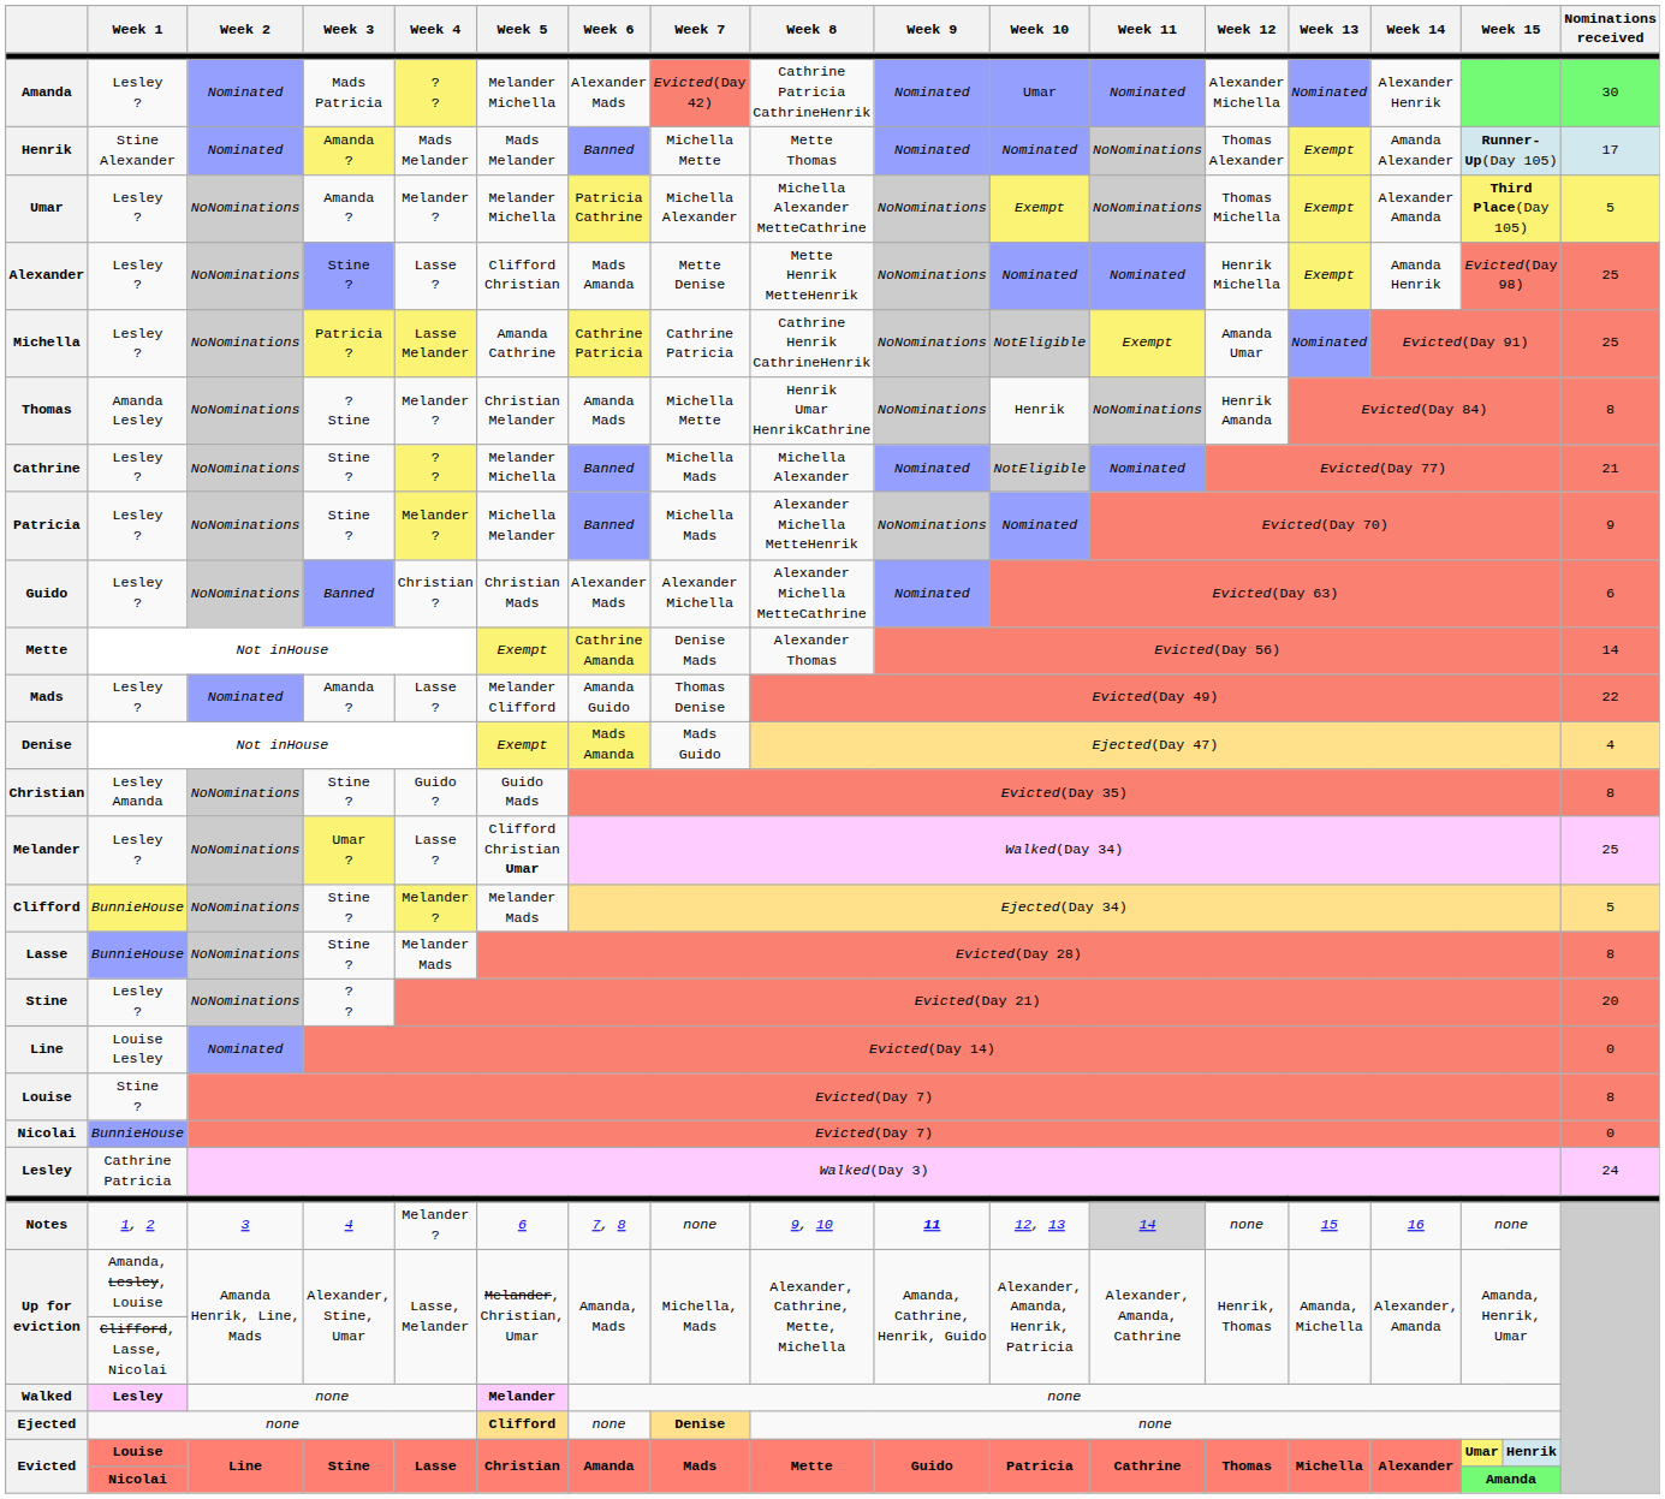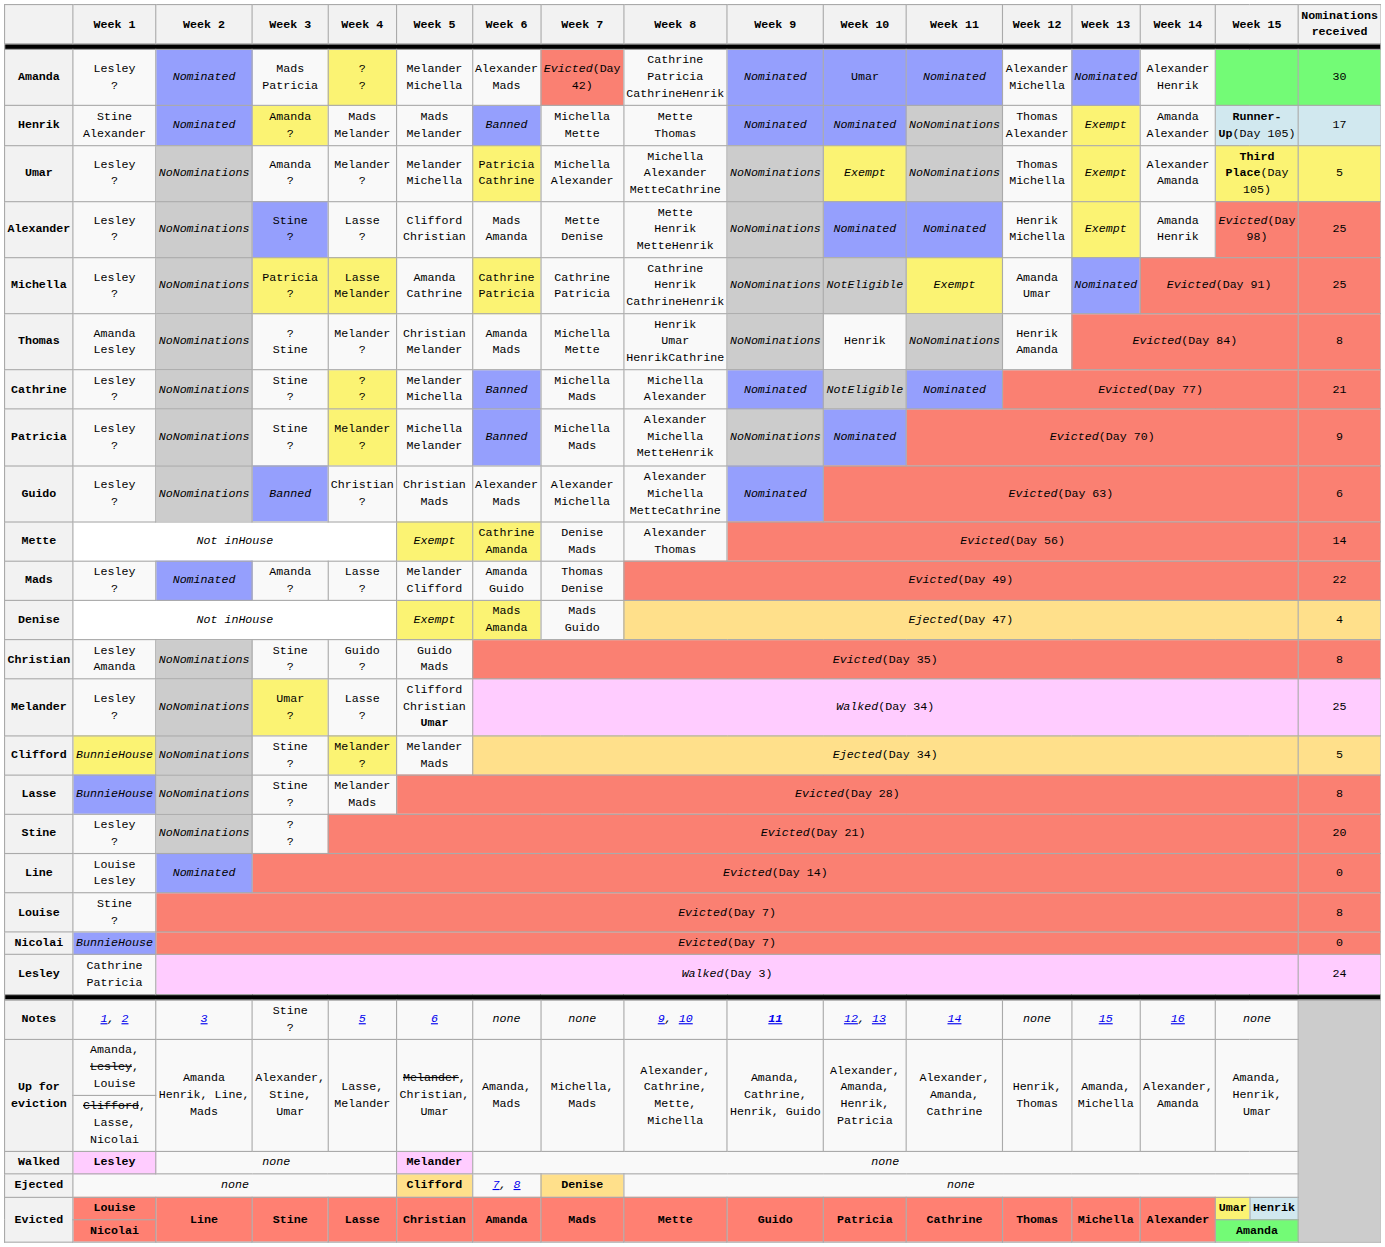 <table class="wikitable" style="text-align:center; width:100%; font-size:80%; line-height:15px;">
 <tr>
 <th style="width: 5%;"></th>
 <th style="width: 5%;">Week 1</th>
 <th style="width: 5%;">Week 2</th>
 <th style="width: 5%;">Week 3</th>
 <th style="width: 5%;">Week 4</th>
 <th style="width: 5%;">Week 5</th>
 <th style="width: 5%;">Week 6</th>
 <th style="width: 5%;">Week 7</th>
 <th style="width: 5%;">Week 8</th>
 <th style="width: 5%;">Week 9</th>
 <th style="width: 5%;">Week 10</th>
 <th style="width: 5%;">Week 11</th>
 <th style="width: 5%;">Week 12</th>
 <th style="width: 5%;">Week 13</th>
 <th style="width: 5%;">Week 14</th>
 <th colspan="2" style="width:10%;">Week 15</th>
 <th style="width: 5%;">Nominations<br>received</th>
 </tr>
 <tr>
 <td colspan="18" bgcolor="black"></td>
 </tr>
 <tr>
 <th>Amanda</th>
 <td>Lesley<br>? </td>
 <td style="background:#959ffd"><em>Nominated</em></td>
 <td>Mads<br>Patricia</td>
 <td style="background:#FBF373">?<br>?</td>
 <td>Melander<br>Michella</td>
 <td>Alexander<br>Mads</td>
 <td style="background:#FA8072"><em>Evicted</em>(Day 42)</td>
 <td>Cathrine<br>Patricia <span>Cathrine</span><span>Henrik</span></td>
 <td style="background:#959ffd"><em>Nominated</em></td>
 <td style="background:#959ffd">Umar<br></td>
 <td style="background:#959ffd"><em>Nominated</em></td>
 <td>Alexander<br>Michella</td>
 <td style="background:#959ffd"><em>Nominated</em></td>
 <td>Alexander<br>Henrik</td>
 <td colspan="2" style="background:#73FB76"></td>
 <td style="background:#73FB76">30</td>
 </tr>
 <tr>
 <th>Henrik</th>
 <td>Stine<br>Alexander </td>
 <td style="background:#959ffd"><em>Nominated</em></td>
 <td style="background:#FBF373">Amanda<br>?</td>
 <td>Mads<br>Melander</td>
 <td>Mads<br>Melander</td>
 <td style="background:#959ffd"><em>Banned</em></td>
 <td>Michella<br>Mette</td>
 <td>Mette<br>Thomas</td>
 <td style="background:#959ffd"><em>Nominated</em></td>
 <td style="background:#959ffd"><em>Nominated</em></td>
 <td style="background:#CCCCCC"><em>NoNominations</em></td>
 <td>Thomas<br>Alexander</td>
 <td style="background:#FBF373"><em>Exempt</em></td>
 <td>Amanda<br>Alexander</td>
 <td colspan="2" style="background:#D1E8EF"><strong>Runner-Up</strong>(Day 105)</td>
 <td style="background:#D1E8EF">17</td>
 </tr>
 <tr>
 <th>Umar</th>
 <td>Lesley<br>? </td>
 <td style="background:#CCCCCC"><em>NoNominations</em></td>
 <td>Amanda<br>?</td>
 <td>Melander<br>?</td>
 <td>Melander<br>Michella</td>
 <td style="background:#FBF373">Patricia<br>Cathrine</td>
 <td>Michella<br>Alexander</td>
 <td>Michella<br>Alexander <span>Mette</span><span>Cathrine</span></td>
 <td style="background:#CCCCCC"><em>NoNominations</em></td>
 <td style="background:#FBF373"><em>Exempt</em></td>
 <td style="background:#CCCCCC"><em>NoNominations</em></td>
 <td>Thomas<br>Michella</td>
 <td style="background:#FBF373"><em>Exempt</em></td>
 <td>Alexander<br>Amanda</td>
 <td colspan="2" style="background:#FBF373"><strong>Third Place</strong>(Day 105)</td>
 <td style="background:#FBF373">5</td>
 </tr>
 <tr>
 <th>Alexander</th>
 <td>Lesley<br>? </td>
 <td style="background:#CCCCCC"><em>NoNominations</em></td>
 <td style="background:#959ffd">Stine<br>?</td>
 <td>Lasse<br>?</td>
 <td>Clifford<br>Christian</td>
 <td>Mads<br>Amanda</td>
 <td>Mette<br>Denise</td>
 <td>Mette<br>Henrik <span>Mette</span><span>Henrik</span></td>
 <td style="background:#CCCCCC"><em>NoNominations</em></td>
 <td style="background:#959ffd"><em>Nominated</em></td>
 <td style="background:#959ffd"><em>Nominated</em></td>
 <td>Henrik<br>Michella</td>
 <td style="background:#FBF373"><em>Exempt</em></td>
 <td>Amanda<br>Henrik</td>
 <td colspan="2" style="background:#FA8072"><em>Evicted</em>(Day 98)</td>
 <td style="background:#FA8072">25</td>
 </tr>
 <tr>
 <th>Michella</th>
 <td>Lesley<br>? </td>
 <td style="background:#CCCCCC"><em>NoNominations</em></td>
 <td style="background:#FBF373">Patricia<br>?</td>
 <td style="background:#FBF373">Lasse<br>Melander</td>
 <td>Amanda<br>Cathrine</td>
 <td style="background:#FBF373">Cathrine<br>Patricia</td>
 <td>Cathrine<br>Patricia</td>
 <td>Cathrine<br>Henrik <span>Cathrine</span><span>Henrik</span></td>
 <td style="background:#CCCCCC"><em>NoNominations</em></td>
 <td style="background:#CCCCCC"><em>NotEligible</em></td>
 <td style="background:#FBF373"><em>Exempt</em></td>
 <td>Amanda<br>Umar</td>
 <td style="background:#959ffd"><em>Nominated</em></td>
 <td colspan="3" style="background:#FA8072"><em>Evicted</em>(Day 91)</td>
 <td style="background:#FA8072">25</td>
 </tr>
 <tr>
 <th>Thomas</th>
 <td>Amanda<br>Lesley </td>
 <td style="background:#CCCCCC"><em>NoNominations</em></td>
 <td>?<br>Stine</td>
 <td>Melander<br>?</td>
 <td>Christian<br>Melander</td>
 <td>Amanda<br>Mads</td>
 <td>Michella<br>Mette</td>
 <td>Henrik<br>Umar <span>Henrik</span><span>Cathrine</span></td>
 <td style="background:#CCCCCC"><em>NoNominations</em></td>
 <td>Henrik</td>
 <td style="background:#CCCCCC"><em>NoNominations</em></td>
 <td>Henrik<br>Amanda</td>
 <td colspan="4" style="background:#FA8072"><em>Evicted</em>(Day 84)</td>
 <td style="background:#FA8072">8</td>
 </tr>
 <tr>
 <th>Cathrine</th>
 <td>Lesley<br>? </td>
 <td style="background:#CCCCCC"><em>NoNominations</em></td>
 <td>Stine<br>?</td>
 <td style="background:#FBF373">?<br>?</td>
 <td>Melander<br>Michella</td>
 <td style="background:#959ffd"><em>Banned</em></td>
 <td>Michella<br>Mads</td>
 <td>Michella<br>Alexander</td>
 <td style="background:#959ffd"><em>Nominated</em></td>
 <td style="background:#CCCCCC"><em>NotEligible</em></td>
 <td style="background:#959ffd"><em>Nominated</em></td>
 <td colspan="5" style="background:#FA8072"><em>Evicted</em>(Day 77)</td>
 <td style="background:#FA8072">21</td>
 </tr>
 <tr>
 <th>Patricia</th>
 <td>Lesley<br>? </td>
 <td style="background:#CCCCCC"><em>NoNominations</em></td>
 <td>Stine<br>?</td>
 <td style="background:#FBF373">Melander<br>?</td>
 <td>Michella<br>Melander</td>
 <td style="background:#959ffd"><em>Banned</em></td>
 <td>Michella<br>Mads</td>
 <td>Alexander<br>Michella <span>Mette</span><span>Henrik</span></td>
 <td style="background:#CCCCCC"><em>NoNominations</em></td>
 <td style="background:#959ffd"><em>Nominated</em></td>
 <td colspan="6" style="background:#FA8072 "><em>Evicted</em>(Day 70)</td>
 <td style="background:#FA8072">9</td>
 </tr>
 <tr>
 <th>Guido</th>
 <td>Lesley<br>? </td>
 <td style="background:#CCCCCC"><em>NoNominations</em></td>
 <td style="background:#959ffd"><em>Banned</em></td>
 <td>Christian<br>?</td>
 <td>Christian<br>Mads</td>
 <td>Alexander<br>Mads</td>
 <td>Alexander<br>Michella</td>
 <td>Alexander<br>Michella <span>Mette</span><span>Cathrine</span></td>
 <td style="background:#959ffd"><em>Nominated</em></td>
 <td colspan="7" style="background:#FA8072"><em>Evicted</em>(Day 63)</td>
 <td style="background:#FA8072">6</td>
 </tr>
 <tr>
 <th>Mette</th>
 <td colspan="4" style="background:#FFFFFF"><em>Not inHouse</em></td>
 <td style="background:#FBF373"><em>Exempt</em></td>
 <td style="background:#FBF373">Cathrine<br>Amanda</td>
 <td>Denise<br>Mads</td>
 <td>Alexander<br>Thomas</td>
 <td colspan="8" style="background-color: #FA8072;"><em>Evicted</em>(Day 56)</td>
 <td style="background-color: #FA8072;">14</td>
 </tr>
 <tr>
 <th>Mads</th>
 <td>Lesley<br>? </td>
 <td style="background:#959ffd"><em>Nominated</em></td>
 <td>Amanda<br>?</td>
 <td>Lasse<br>?</td>
 <td>Melander<br>Clifford</td>
 <td>Amanda<br>Guido</td>
 <td>Thomas<br>Denise</td>
 <td colspan="9" style="background:#FA8072"><em>Evicted</em>(Day 49)</td>
 <td style="background:#FA8072">22</td>
 </tr>
 <tr>
 <th>Denise</th>
 <td colspan="4" style="background:#FFFFFF"><em>Not inHouse</em></td>
 <td style="background:#FBF373"><em>Exempt</em></td>
 <td style="background:#FBF373">Mads<br>Amanda</td>
 <td>Mads<br>Guido</td>
 <td colspan="9" style="background:#FFE08B"><em>Ejected</em>(Day 47)</td>
 <td style="background:#FFE08B">4</td>
 </tr>
 <tr>
 <th>Christian</th>
 <td>Lesley<br>Amanda </td>
 <td style="background:#CCCCCC"><em>NoNominations</em></td>
 <td>Stine<br>?</td>
 <td>Guido<br>?</td>
 <td>Guido<br>Mads</td>
 <td colspan="11" style="background:#FA8072"><em>Evicted</em>(Day 35)</td>
 <td style="background:#FA8072">8</td>
 </tr>
 <tr>
 <th>Melander</th>
 <td>Lesley<br>? </td>
 <td style="background:#CCCCCC"><em>NoNominations</em></td>
 <td style="background:#FBF373">Umar<br>?</td>
 <td>Lasse<br>?</td>
 <td>Clifford<br>Christian <strong>Umar</strong></td>
 <td colspan="11" style="background:#FFCCFF"><em>Walked</em>(Day 34)</td>
 <td style="background:#FFCCFF">25</td>
 </tr>
 <tr>
 <th>Clifford</th>
 <td style="background:#FBF373"><em>BunnieHouse</em></td>
 <td style="background:#CCCCCC"><em>NoNominations</em></td>
 <td>Stine<br>?</td>
 <td style="background:#FBF373">Melander<br>?</td>
 <td>Melander<br>Mads</td>
 <td colspan="11" style="background:#FFE08B"><em>Ejected</em>(Day 34)</td>
 <td style="background:#FFE08B">5</td>
 </tr>
 <tr>
 <th>Lasse</th>
 <td style="background:#959ffd"><em>BunnieHouse</em></td>
 <td style="background:#CCCCCC"><em>NoNominations</em></td>
 <td>Stine<br>?</td>
 <td>Melander<br>Mads</td>
 <td colspan="12" style="background:#FA8072"><em>Evicted</em>(Day 28)</td>
 <td style="background:#FA8072">8</td>
 </tr>
 <tr>
 <th>Stine</th>
 <td>Lesley<br>? </td>
 <td style="background:#CCCCCC"><em>NoNominations</em></td>
 <td>?<br>?</td>
 <td colspan="13" style="background:#FA8072"><em>Evicted</em>(Day 21)</td>
 <td style="background:#FA8072">20</td>
 </tr>
 <tr>
 <th>Line</th>
 <td>Louise<br>Lesley </td>
 <td style="background:#959ffd"><em>Nominated</em></td>
 <td colspan="14" style="background:#FA8072"><em>Evicted</em>(Day 14)</td>
 <td style="background:#FA8072">0</td>
 </tr>
 <tr>
 <th>Louise</th>
 <td>Stine<br>? </td>
 <td colspan="15" style="background:#FA8072"><em>Evicted</em>(Day 7)</td>
 <td style="background:#FA8072">8</td>
 </tr>
 <tr>
 <th>Nicolai</th>
 <td style="background:#959ffd"><em>BunnieHouse</em></td>
 <td colspan="15" style="background:#FA8072"><em>Evicted</em>(Day 7)</td>
 <td style="background:#FA8072">0</td>
 </tr>
 <tr>
 <th>Lesley</th>
 <td>Cathrine<br>Patricia</td>
 <td colspan="15" style="background:#FFCCFF"><em>Walked</em>(Day 3)</td>
 <td style="background:#FFCCFF">24</td>
 </tr>
 <tr>
 <th colspan="18" style="background-color: black;"></th>
 </tr>
 <tr>
 <th>Notes</th>
 <td><em><a href='#'>1</a>, <a href='#'>2</a></em></td>
 <td><em><a href='#'>3</a></em></td>
-<td><em><a href='#'>4</a></em></td>
-<td>Melander<br>?</td>
+<td>Stine<br>?</td>
+<td><em><a href='#'>5</a></em></td>
 <td><em><a href='#'>6</a></em></td>
-<td><em><a href='#'>7</a>, <a href='#'>8</a></em></td>
+<td><em>none</em></td>
 <td><em>none</em></td>
 <td><em><a href='#'>9</a>, <a href='#'>10</a></em></td>
 <td><strong><em><a href='#'>11</a></em></strong></td>
 <td><em><a href='#'>12</a>, <a href='#'>13</a></em></td>
-<td style="background: lightgrey;"><em><a href='#'>14</a></em></td>
+<td><em><a href='#'>14</a></em></td>
 <td><em>none</em></td>
 <td><em><a href='#'>15</a></em></td>
 <td><em><a href='#'>16</a></em></td>
 <td colspan="2"><em>none</em></td>
 <td rowspan="7" style="background:#ccc;"></td>
 </tr>
 <tr>
 <th rowspan="2">Up for<br>eviction</th>
 <td>Amanda,<br><s>Lesley</s>, Louise</td>
 <td rowspan="2">Amanda<br>Henrik, Line, Mads</td>
 <td rowspan="2">Alexander,<br>Stine, Umar</td>
 <td rowspan="2">Lasse,<br>Melander</td>
 <td rowspan="2"><s>Melander</s>,<br>Christian, Umar</td>
 <td rowspan="2">Amanda,<br>Mads</td>
 <td rowspan="2">Michella,<br>Mads</td>
 <td rowspan="2">Alexander,<br>Cathrine, Mette, Michella</td>
 <td rowspan="2">Amanda,<br>Cathrine, Henrik, Guido</td>
 <td rowspan="2">Alexander,<br>Amanda, Henrik, Patricia</td>
 <td rowspan="2">Alexander,<br>Amanda, Cathrine</td>
 <td rowspan="2">Henrik,<br>Thomas</td>
 <td rowspan="2">Amanda,<br>Michella</td>
 <td rowspan="2">Alexander,<br>Amanda</td>
 <td colspan="2" rowspan="2">Amanda,<br>Henrik, Umar</td>
 </tr>
 <tr>
 <td><s>Clifford</s>,<br>Lasse, Nicolai</td>
 </tr>
 <tr>
 <th>Walked</th>
 <td style="background:#FFCCFF"><strong>Lesley</strong></td>
 <td colspan="3"><em>none</em></td>
 <td style="background:#FFCCFF"><strong>Melander</strong></td>
 <td colspan="11"><em>none</em></td>
 </tr>
 <tr>
 <th>Ejected</th>
 <td colspan="4"><em>none</em></td>
 <td style="background:#FFE08B"><strong>Clifford</strong></td>
-<td><em>none</em></td>
+<td><em><a href='#'>7</a>, <a href='#'>8</a></em></td>
 <td style="background:#FFE08B"><strong>Denise</strong></td>
 <td colspan="9"><em>none</em></td>
 </tr>
 <tr>
 <th rowspan="2">Evicted</th>
 <td bgcolor="#FF8072" nowrap=""><strong>Louise</strong></td>
 <td rowspan="2" bgcolor="#FF8072"><strong>Line</strong></td>
 <td rowspan="2" bgcolor="#FF8072" nowrap=""><strong>Stine</strong></td>
 <td rowspan="2" bgcolor="#FF8072" nowrap=""><strong>Lasse</strong></td>
 <td rowspan="2" bgcolor="#FF8072" nowrap=""><strong>Christian</strong></td>
 <td rowspan="2" bgcolor="#FF8072" nowrap=""><strong>Amanda</strong></td>
 <td rowspan="2" bgcolor="#FF8072" nowrap=""><strong>Mads</strong></td>
 <td rowspan="2" bgcolor="#FF8072" nowrap=""><strong>Mette</strong></td>
 <td rowspan="2" bgcolor="#FF8072"><strong>Guido</strong></td>
 <td rowspan="2" bgcolor="#FF8072" nowrap=""><strong>Patricia</strong></td>
 <td rowspan="2" bgcolor="#FF8072"><strong>Cathrine</strong></td>
 <td rowspan="2" bgcolor="#FF8072" nowrap=""><strong>Thomas</strong></td>
 <td rowspan="2" bgcolor="#FF8072" nowrap=""><strong>Michella</strong></td>
 <td rowspan="2" bgcolor="#FF8072" nowrap=""><strong>Alexander</strong></td>
 <td bgcolor="FBF373" nowrap=""><strong>Umar</strong></td>
 <td bgcolor="#D1E8EF" nowrap=""><strong>Henrik</strong></td>
 </tr>
 <tr>
 <td bgcolor="#FF8072"><strong>Nicolai</strong></td>
 <td colspan="2" bgcolor="#73FB76"><strong>Amanda</strong></td>
 </tr>
 </table>
